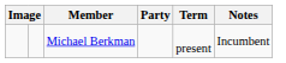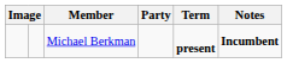 <table class="wikitable" style="text-align:center">
 <tr>
 <th colspan=2>Image</th>
 <th>Member</th>
 <th>Party</th>
 <th>Term</th>
 <th>Notes</th>
 </tr>
 <tr>
 <td> </td>
 <td></td>
 <td><a href='#'>Michael Berkman</a><br></td>
 <td></td>
-<td><br> present</td>
-<td>Incumbent</td>
+<td><strong><br> present</strong></td>
+<td><strong>Incumbent</strong></td>
 </tr>
 </table>
